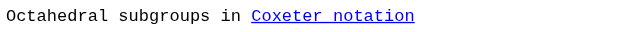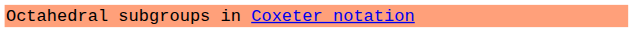 <table width=480>
 <tr>
 <td></td>
 </tr>
 <tr>
-<td>Octahedral subgroups in <a href='#'>Coxeter notation</a></td>
+<td style="background: lightsalmon;">Octahedral subgroups in <a href='#'>Coxeter notation</a></td>
 </tr>
 </table>
